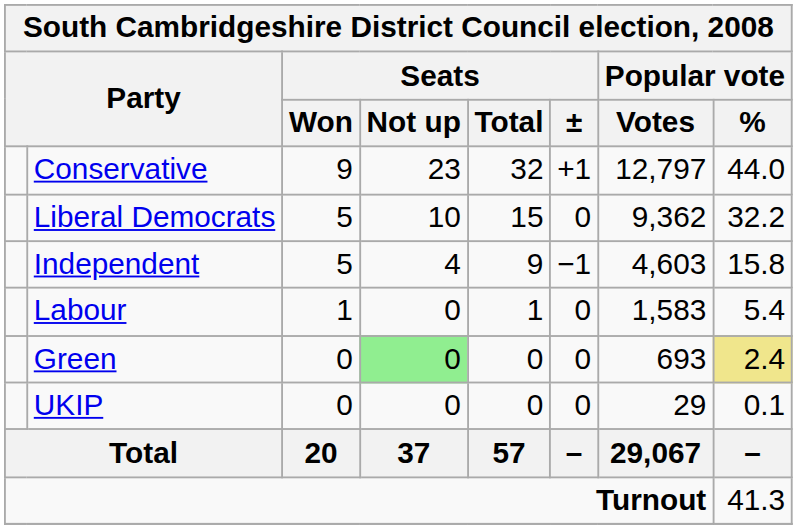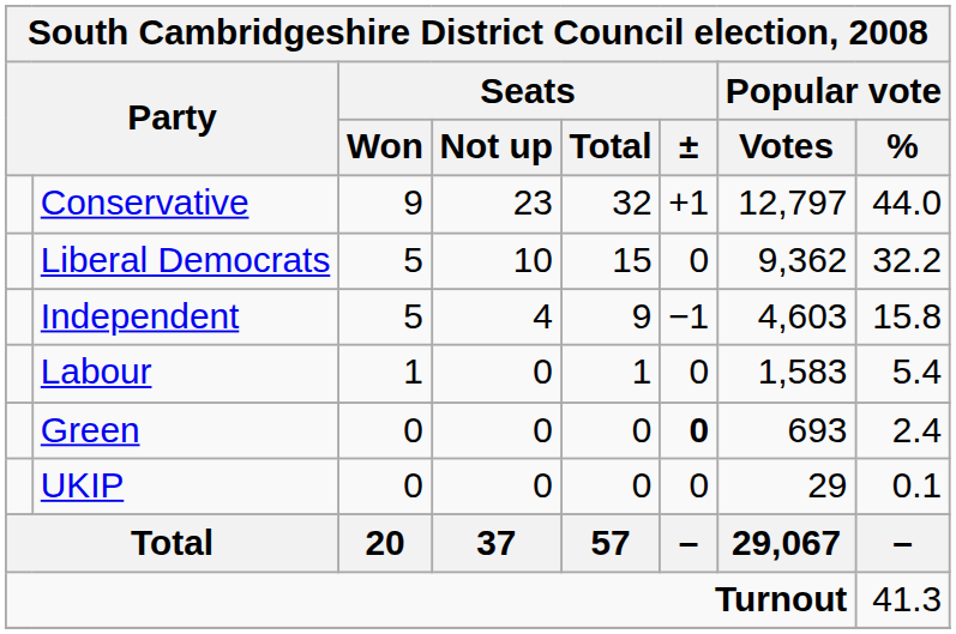 <table class="wikitable">
 <tr>
 <th colspan="8"><strong>South Cambridgeshire District Council election, 2008</strong></th>
 </tr>
 <tr>
 <th rowspan="2" colspan="2">Party</th>
 <th colspan="4">Seats</th>
 <th colspan="2">Popular vote</th>
 </tr>
 <tr>
 <th>Won</th>
 <th>Not up</th>
 <th>Total</th>
 <th>±</th>
 <th>Votes</th>
 <th>%</th>
 </tr>
 <tr>
 <td style="background-color: "> </td>
 <td><a href='#'>Conservative</a></td>
 <td align=right>9</td>
 <td align=right>23</td>
 <td align=right>32</td>
 <td align=right>+1</td>
 <td align=right>12,797</td>
 <td align=right>44.0</td>
 </tr>
 <tr>
 <td style="background-color: "> </td>
 <td><a href='#'>Liberal Democrats</a></td>
 <td align=right>5</td>
 <td align=right>10</td>
 <td align=right>15</td>
 <td align=right>0</td>
 <td align=right>9,362</td>
 <td align=right>32.2</td>
 </tr>
 <tr>
 <td style="background-color: "> </td>
 <td><a href='#'>Independent</a></td>
 <td align=right>5</td>
 <td align=right>4</td>
 <td align=right>9</td>
 <td align=right>−1</td>
 <td align=right>4,603</td>
 <td align=right>15.8</td>
 </tr>
 <tr>
 <td style="background-color: "> </td>
 <td><a href='#'>Labour</a></td>
 <td align=right>1</td>
 <td align=right>0</td>
 <td align=right>1</td>
 <td align=right>0</td>
 <td align=right>1,583</td>
 <td align=right>5.4</td>
 </tr>
 <tr>
 <td style="background-color: "> </td>
 <td><a href='#'>Green</a></td>
 <td align=right>0</td>
-<td align=right style="background: lightgreen;">0</td>
 <td align=right>0</td>
 <td align=right>0</td>
+<td align=right><strong>0</strong></td>
 <td align=right>693</td>
-<td align=right style="background: khaki;">2.4</td>
+<td align=right>2.4</td>
 </tr>
 <tr>
 <td style="background-color: "> </td>
 <td><a href='#'>UKIP</a></td>
 <td align=right>0</td>
 <td align=right>0</td>
 <td align=right>0</td>
 <td align=right>0</td>
 <td align=right>29</td>
 <td align=right>0.1</td>
 </tr>
 <tr>
 <th colspan="2">Total</th>
 <th align=right>20</th>
 <th align=right>37</th>
 <th align=right>57</th>
 <th align=right>–</th>
 <th align=right>29,067</th>
 <th align=right>–</th>
 </tr>
 <tr>
 <td colspan="7" align=right><strong>Turnout</strong></td>
 <td align=right>41.3</td>
 </tr>
 <tr>
 </tr>
 </table>
